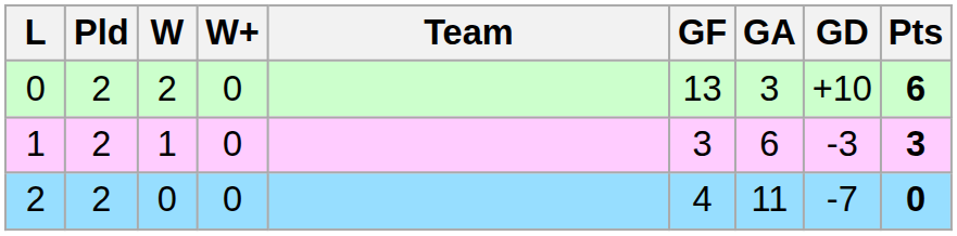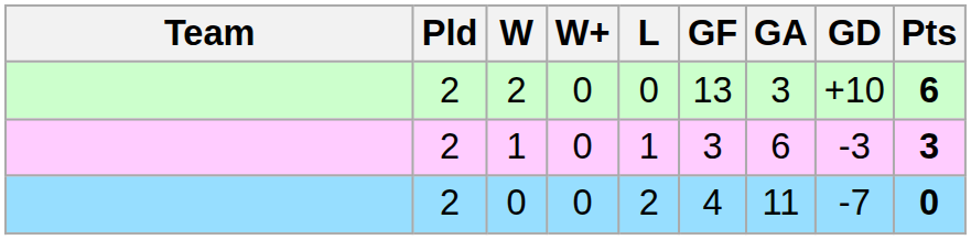 <table class="wikitable" style="text-align: center;">
 <tr>
-<th width="20">L</th>
+<th width="175">Team</th>
 <th width="20">Pld</th>
 <th width="20">W</th>
 <th width="20">W+</th>
-<th width="175">Team</th>
+<th width="20">L</th>
 <th width="20">GF</th>
 <th width="20">GA</th>
 <th width="20">GD</th>
 <th width="20">Pts</th>
 </tr>
 <tr align=center style="background:#ccffcc;">
-<td>0</td>
+<td style="text-align:left;"></td>
 <td>2</td>
 <td>2</td>
 <td>0</td>
-<td style="text-align:left;"></td>
+<td>0</td>
 <td>13</td>
 <td>3</td>
 <td>+10</td>
 <td><strong>6</strong></td>
 </tr>
 <tr align=center style="background:#ffccff;">
-<td>1</td>
+<td style="text-align:left;"></td>
 <td>2</td>
 <td>1</td>
 <td>0</td>
-<td style="text-align:left;"></td>
+<td>1</td>
 <td>3</td>
 <td>6</td>
 <td>-3</td>
 <td><strong>3</strong></td>
 </tr>
 <tr align=center style="background:#97DEFF;">
-<td>2</td>
+<td style="text-align:left;"></td>
 <td>2</td>
 <td>0</td>
 <td>0</td>
-<td style="text-align:left;"></td>
+<td>2</td>
 <td>4</td>
 <td>11</td>
 <td>-7</td>
 <td><strong>0</strong></td>
 </tr>
 </table>
